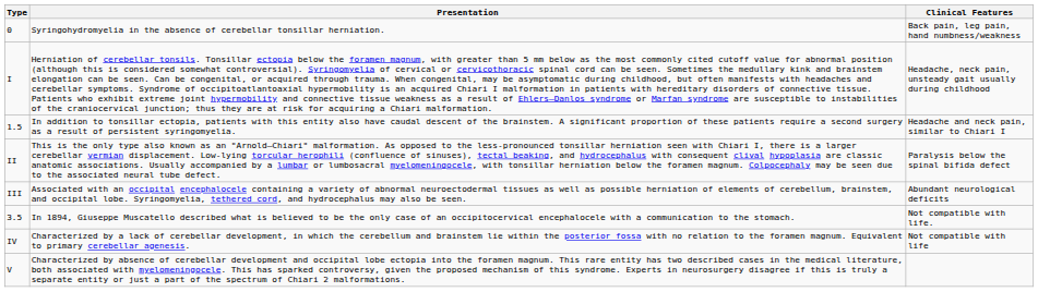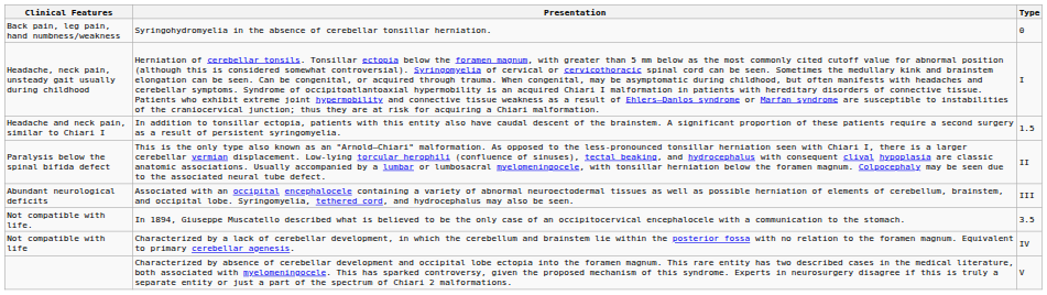 <table class="wikitable">
 <tr OHASSONS>
+<th>Clinical Features</th>
+<th>Presentation</th>
 <th>Type</th>
-<th>Presentation</th>
-<th>Clinical Features</th>
 </tr>
 <tr>
+<td>Back pain, leg pain, hand numbness/weakness</td>
+<td>Syringohydromyelia in the absence of cerebellar tonsillar herniation.</td>
 <td>0</td>
-<td>Syringohydromyelia in the absence of cerebellar tonsillar herniation.</td>
-<td>Back pain, leg pain, hand numbness/weakness</td>
 </tr>
 <tr>
+<td>Headache, neck pain, unsteady gait usually during childhood</td>
+<td><br>Herniation of <a href='#'>cerebellar tonsils</a>. Tonsillar <a href='#'>ectopia</a> below the <a href='#'>foramen magnum</a>, with greater than 5 mm below as the most commonly cited cutoff value for abnormal position (although this is considered somewhat controversial). <a href='#'>Syringomyelia</a> of cervical or <a href='#'>cervicothoracic</a> spinal cord can be seen. Sometimes the medullary kink and brainstem elongation can be seen. Can be congenital, or acquired through trauma. When congenital, may be asymptomatic during childhood, but often manifests with headaches and cerebellar symptoms. Syndrome of occipitoatlantoaxial hypermobility is an acquired Chiari I malformation in patients with hereditary disorders of connective tissue. Patients who exhibit extreme joint <a href='#'>hypermobility</a> and connective tissue weakness as a result of <a href='#'>Ehlers–Danlos syndrome</a> or <a href='#'>Marfan syndrome</a> are susceptible to instabilities of the craniocervical junction; thus they are at risk for acquiring a Chiari malformation.</td>
 <td>I</td>
-<td><br>Herniation of <a href='#'>cerebellar tonsils</a>. Tonsillar <a href='#'>ectopia</a> below the <a href='#'>foramen magnum</a>, with greater than 5 mm below as the most commonly cited cutoff value for abnormal position (although this is considered somewhat controversial). <a href='#'>Syringomyelia</a> of cervical or <a href='#'>cervicothoracic</a> spinal cord can be seen. Sometimes the medullary kink and brainstem elongation can be seen. Can be congenital, or acquired through trauma. When congenital, may be asymptomatic during childhood, but often manifests with headaches and cerebellar symptoms. Syndrome of occipitoatlantoaxial hypermobility is an acquired Chiari I malformation in patients with hereditary disorders of connective tissue. Patients who exhibit extreme joint <a href='#'>hypermobility</a> and connective tissue weakness as a result of <a href='#'>Ehlers–Danlos syndrome</a> or <a href='#'>Marfan syndrome</a> are susceptible to instabilities of the craniocervical junction; thus they are at risk for acquiring a Chiari malformation.</td>
-<td>Headache, neck pain, unsteady gait usually during childhood</td>
 </tr>
 <tr>
+<td>Headache and neck pain, similar to Chiari I</td>
+<td>In addition to tonsillar ectopia, patients with this entity also have caudal descent of the brainstem. A significant proportion of these patients require a second surgery as a result of persistent syringomyelia.</td>
 <td>1.5</td>
-<td>In addition to tonsillar ectopia, patients with this entity also have caudal descent of the brainstem. A significant proportion of these patients require a second surgery as a result of persistent syringomyelia.</td>
-<td>Headache and neck pain, similar to Chiari I</td>
 </tr>
 <tr>
+<td>Paralysis below the spinal bifida defect</td>
+<td>This is the only type also known as an "Arnold–Chiari" malformation. As opposed to the less-pronounced tonsillar herniation seen with Chiari I, there is a larger cerebellar <a href='#'>vermian</a> displacement. Low-lying <a href='#'>torcular herophili</a> (confluence of sinuses), <a href='#'>tectal beaking</a>, and <a href='#'>hydrocephalus</a> with consequent <a href='#'>clival</a> <a href='#'>hypoplasia</a> are classic anatomic associations. Usually accompanied by a <a href='#'>lumbar</a> or lumbosacral <a href='#'>myelomeningocele</a>, with tonsillar herniation below the foramen magnum. <a href='#'>Colpocephaly</a> may be seen due to the associated neural tube defect.</td>
 <td>II</td>
-<td>This is the only type also known as an "Arnold–Chiari" malformation. As opposed to the less-pronounced tonsillar herniation seen with Chiari I, there is a larger cerebellar <a href='#'>vermian</a> displacement. Low-lying <a href='#'>torcular herophili</a> (confluence of sinuses), <a href='#'>tectal beaking</a>, and <a href='#'>hydrocephalus</a> with consequent <a href='#'>clival</a> <a href='#'>hypoplasia</a> are classic anatomic associations. Usually accompanied by a <a href='#'>lumbar</a> or lumbosacral <a href='#'>myelomeningocele</a>, with tonsillar herniation below the foramen magnum. <a href='#'>Colpocephaly</a> may be seen due to the associated neural tube defect.</td>
-<td>Paralysis below the spinal bifida defect</td>
 </tr>
 <tr>
+<td>Abundant neurological deficits</td>
+<td>Associated with an <a href='#'>occipital</a> <a href='#'>encephalocele</a> containing a variety of abnormal neuroectodermal tissues as well as possible herniation of elements of cerebellum, brainstem, and occipital lobe. Syringomyelia, <a href='#'>tethered cord</a>, and hydrocephalus may also be seen.</td>
 <td>III</td>
-<td>Associated with an <a href='#'>occipital</a> <a href='#'>encephalocele</a> containing a variety of abnormal neuroectodermal tissues as well as possible herniation of elements of cerebellum, brainstem, and occipital lobe. Syringomyelia, <a href='#'>tethered cord</a>, and hydrocephalus may also be seen.</td>
-<td>Abundant neurological deficits</td>
 </tr>
 <tr>
+<td>Not compatible with life.</td>
+<td>In 1894, Giuseppe Muscatello described what is believed to be the only case of an occipitocervical encephalocele with a communication to the stomach.</td>
 <td>3.5</td>
-<td>In 1894, Giuseppe Muscatello described what is believed to be the only case of an occipitocervical encephalocele with a communication to the stomach.</td>
-<td>Not compatible with life.</td>
 </tr>
 <tr>
+<td>Not compatible with life</td>
+<td>Characterized by a lack of cerebellar development, in which the cerebellum and brainstem lie within the <a href='#'>posterior fossa</a> with no relation to the foramen magnum. Equivalent to primary <a href='#'>cerebellar agenesis</a>.</td>
 <td>IV</td>
-<td>Characterized by a lack of cerebellar development, in which the cerebellum and brainstem lie within the <a href='#'>posterior fossa</a> with no relation to the foramen magnum. Equivalent to primary <a href='#'>cerebellar agenesis</a>.</td>
-<td>Not compatible with life</td>
 </tr>
 <tr>
+<td></td>
+<td>Characterized by absence of cerebellar development and occipital lobe ectopia into the foramen magnum. This rare entity has two described cases in the medical literature, both associated with <a href='#'>myelomeningocele</a>. This has sparked controversy, given the proposed mechanism of this syndrome. Experts in neurosurgery disagree if this is truly a separate entity or just a part of the spectrum of Chiari 2 malformations.</td>
 <td>V</td>
-<td>Characterized by absence of cerebellar development and occipital lobe ectopia into the foramen magnum. This rare entity has two described cases in the medical literature, both associated with <a href='#'>myelomeningocele</a>. This has sparked controversy, given the proposed mechanism of this syndrome. Experts in neurosurgery disagree if this is truly a separate entity or just a part of the spectrum of Chiari 2 malformations.</td>
-<td></td>
 </tr>
 </table>
